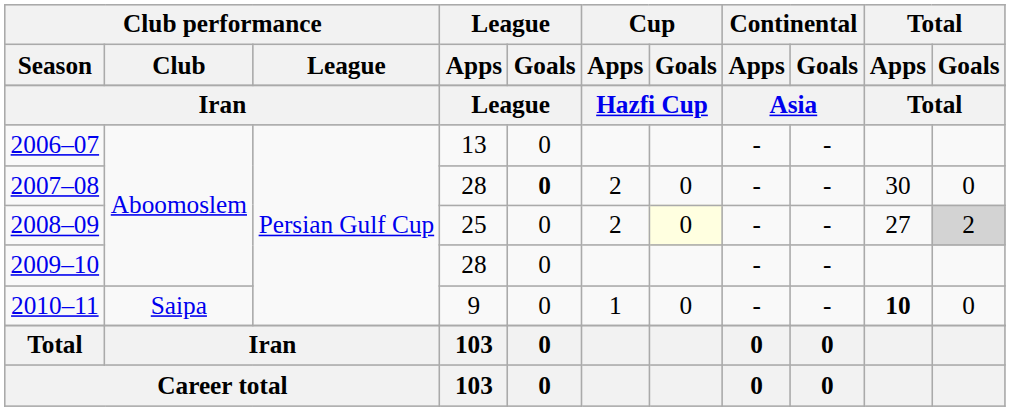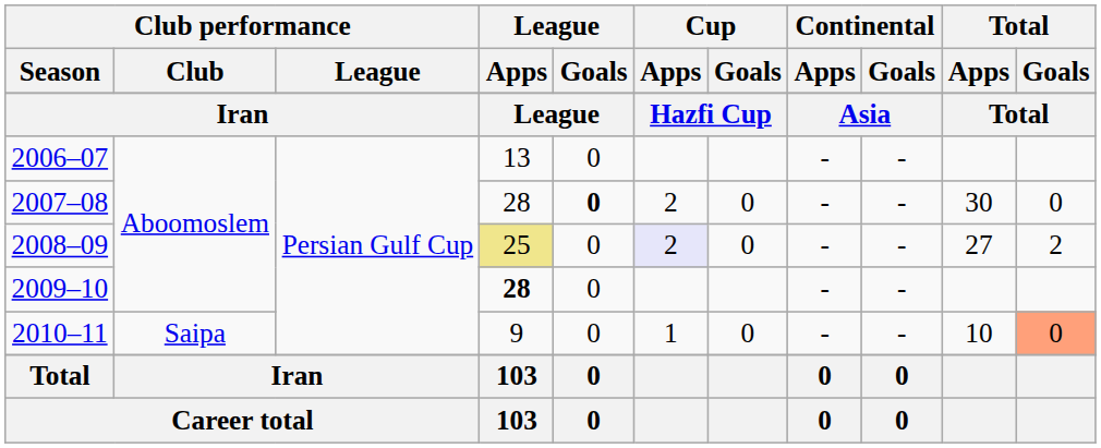 <table class="wikitable" style="text-align:center">
 <tr>
 <th colspan=3>Club performance</th>
 <th colspan=2>League</th>
 <th colspan=2>Cup</th>
 <th colspan=2>Continental</th>
 <th colspan=2>Total</th>
 </tr>
 <tr>
 <th>Season</th>
 <th>Club</th>
 <th>League</th>
 <th>Apps</th>
 <th>Goals</th>
 <th>Apps</th>
 <th>Goals</th>
 <th>Apps</th>
 <th>Goals</th>
 <th>Apps</th>
 <th>Goals</th>
 </tr>
 <tr>
 </tr>
 <tr>
 <th colspan=3>Iran</th>
 <th colspan=2>League</th>
 <th colspan=2><a href='#'>Hazfi Cup</a></th>
 <th colspan=2><a href='#'>Asia</a></th>
 <th colspan=2>Total</th>
 </tr>
 <tr>
 <td><a href='#'>2006–07</a></td>
 <td rowspan="4"><a href='#'>Aboomoslem</a></td>
 <td rowspan="5"><a href='#'>Persian Gulf Cup</a></td>
 <td>13</td>
 <td>0</td>
 <td></td>
 <td></td>
 <td>-</td>
 <td>-</td>
 <td></td>
 <td></td>
 </tr>
 <tr>
 <td><a href='#'>2007–08</a></td>
 <td>28</td>
 <td><strong>0</strong></td>
 <td>2</td>
 <td>0</td>
 <td>-</td>
 <td>-</td>
 <td>30</td>
 <td>0</td>
 </tr>
 <tr>
 <td><a href='#'>2008–09</a></td>
-<td>25</td>
+<td style="background: khaki;">25</td>
 <td>0</td>
-<td>2</td>
-<td style="background: lightyellow;">0</td>
+<td style="background: lavender;">2</td>
+<td>0</td>
 <td>-</td>
 <td>-</td>
 <td>27</td>
-<td style="background: lightgrey;">2</td>
+<td>2</td>
 </tr>
 <tr>
 <td><a href='#'>2009–10</a></td>
-<td>28</td>
+<td><strong>28</strong></td>
 <td>0</td>
 <td></td>
 <td></td>
 <td>-</td>
 <td>-</td>
 <td></td>
 <td></td>
 </tr>
 <tr>
 <td><a href='#'>2010–11</a></td>
 <td rowspan="1"><a href='#'>Saipa</a></td>
 <td>9</td>
 <td>0</td>
 <td>1</td>
 <td>0</td>
 <td>-</td>
 <td>-</td>
-<td><strong>10</strong></td>
-<td>0</td>
+<td>10</td>
+<td style="background: lightsalmon;">0</td>
 </tr>
 <tr>
 </tr>
 <tr>
 <th rowspan=1>Total</th>
 <th colspan=2>Iran</th>
 <th>103</th>
 <th>0</th>
 <th></th>
 <th></th>
 <th>0</th>
 <th>0</th>
 <th></th>
 <th></th>
 </tr>
 <tr>
 <th colspan=3>Career total</th>
 <th>103</th>
 <th>0</th>
 <th></th>
 <th></th>
 <th>0</th>
 <th>0</th>
 <th></th>
 <th></th>
 </tr>
 </table>
